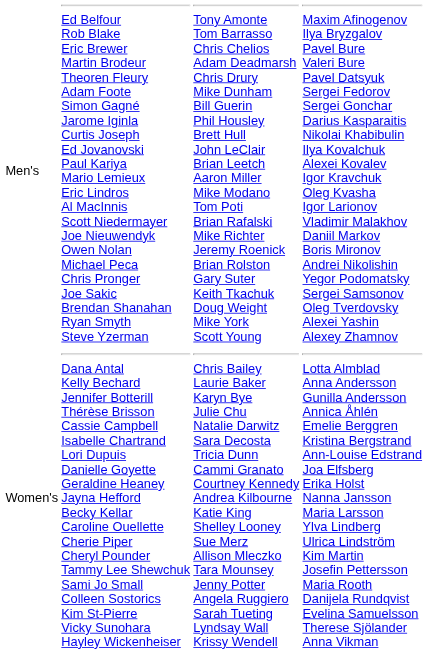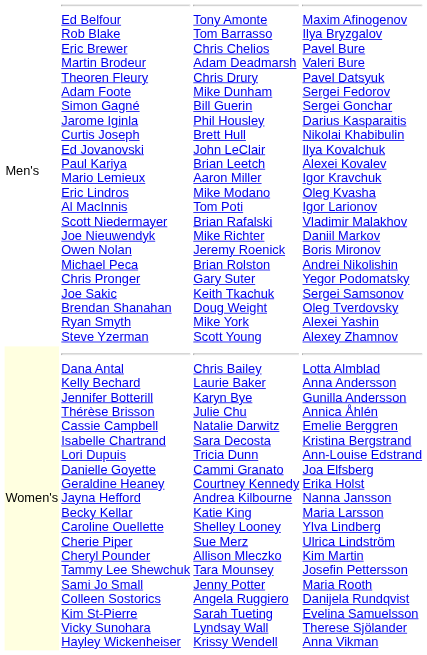 <table>
 <tr>
 <td>Men's<br></td>
 <td><hr><a href='#'>Ed Belfour</a><br><a href='#'>Rob Blake</a><br><a href='#'>Eric Brewer</a><br><a href='#'>Martin Brodeur</a><br><a href='#'>Theoren Fleury</a><br><a href='#'>Adam Foote</a><br><a href='#'>Simon Gagné</a><br><a href='#'>Jarome Iginla</a><br><a href='#'>Curtis Joseph</a><br><a href='#'>Ed Jovanovski</a><br><a href='#'>Paul Kariya</a><br><a href='#'>Mario Lemieux</a><br><a href='#'>Eric Lindros</a><br><a href='#'>Al MacInnis</a><br><a href='#'>Scott Niedermayer</a><br><a href='#'>Joe Nieuwendyk</a><br><a href='#'>Owen Nolan</a><br><a href='#'>Michael Peca</a><br><a href='#'>Chris Pronger</a><br><a href='#'>Joe Sakic</a><br><a href='#'>Brendan Shanahan</a><br><a href='#'>Ryan Smyth</a><br><a href='#'>Steve Yzerman</a></td>
 <td><hr><a href='#'>Tony Amonte</a><br><a href='#'>Tom Barrasso</a><br><a href='#'>Chris Chelios</a><br><a href='#'>Adam Deadmarsh</a><br><a href='#'>Chris Drury</a><br><a href='#'>Mike Dunham</a><br><a href='#'>Bill Guerin</a><br><a href='#'>Phil Housley</a><br><a href='#'>Brett Hull</a><br><a href='#'>John LeClair</a><br><a href='#'>Brian Leetch</a><br><a href='#'>Aaron Miller</a><br><a href='#'>Mike Modano</a><br><a href='#'>Tom Poti</a><br><a href='#'>Brian Rafalski</a><br><a href='#'>Mike Richter</a><br><a href='#'>Jeremy Roenick</a><br><a href='#'>Brian Rolston</a><br><a href='#'>Gary Suter</a><br><a href='#'>Keith Tkachuk</a><br><a href='#'>Doug Weight</a><br><a href='#'>Mike York</a><br><a href='#'>Scott Young</a></td>
 <td><hr><a href='#'>Maxim Afinogenov</a><br><a href='#'>Ilya Bryzgalov</a><br><a href='#'>Pavel Bure</a><br><a href='#'>Valeri Bure</a><br><a href='#'>Pavel Datsyuk</a><br><a href='#'>Sergei Fedorov</a><br><a href='#'>Sergei Gonchar</a><br><a href='#'>Darius Kasparaitis</a><br><a href='#'>Nikolai Khabibulin</a><br><a href='#'>Ilya Kovalchuk</a><br><a href='#'>Alexei Kovalev</a><br><a href='#'>Igor Kravchuk</a><br><a href='#'>Oleg Kvasha</a><br><a href='#'>Igor Larionov</a><br><a href='#'>Vladimir Malakhov</a><br><a href='#'>Daniil Markov</a><br><a href='#'>Boris Mironov</a><br><a href='#'>Andrei Nikolishin</a><br><a href='#'>Yegor Podomatsky</a><br><a href='#'>Sergei Samsonov</a><br><a href='#'>Oleg Tverdovsky</a><br><a href='#'>Alexei Yashin</a><br><a href='#'>Alexey Zhamnov</a></td>
 </tr>
 <tr>
-<td>Women's<br></td>
+<td style="background: lightyellow;">Women's<br></td>
 <td><hr><a href='#'>Dana Antal</a><br><a href='#'>Kelly Bechard</a><br><a href='#'>Jennifer Botterill</a><br><a href='#'>Thérèse Brisson</a><br><a href='#'>Cassie Campbell</a><br><a href='#'>Isabelle Chartrand</a><br><a href='#'>Lori Dupuis</a><br><a href='#'>Danielle Goyette</a><br><a href='#'>Geraldine Heaney</a><br><a href='#'>Jayna Hefford</a><br><a href='#'>Becky Kellar</a><br><a href='#'>Caroline Ouellette</a><br><a href='#'>Cherie Piper</a><br><a href='#'>Cheryl Pounder</a><br><a href='#'>Tammy Lee Shewchuk</a><br><a href='#'>Sami Jo Small</a><br><a href='#'>Colleen Sostorics</a><br><a href='#'>Kim St-Pierre</a><br><a href='#'>Vicky Sunohara</a><br><a href='#'>Hayley Wickenheiser</a></td>
 <td><hr><a href='#'>Chris Bailey</a><br><a href='#'>Laurie Baker</a><br><a href='#'>Karyn Bye</a><br><a href='#'>Julie Chu</a><br><a href='#'>Natalie Darwitz</a><br><a href='#'>Sara Decosta</a><br><a href='#'>Tricia Dunn</a><br><a href='#'>Cammi Granato</a><br><a href='#'>Courtney Kennedy</a><br><a href='#'>Andrea Kilbourne</a><br><a href='#'>Katie King</a><br><a href='#'>Shelley Looney</a><br><a href='#'>Sue Merz</a><br><a href='#'>Allison Mleczko</a><br><a href='#'>Tara Mounsey</a><br><a href='#'>Jenny Potter</a><br><a href='#'>Angela Ruggiero</a><br><a href='#'>Sarah Tueting</a><br><a href='#'>Lyndsay Wall</a><br><a href='#'>Krissy Wendell</a></td>
 <td><hr><a href='#'>Lotta Almblad</a><br><a href='#'>Anna Andersson</a><br><a href='#'>Gunilla Andersson</a><br><a href='#'>Annica Åhlén</a><br><a href='#'>Emelie Berggren</a><br><a href='#'>Kristina Bergstrand</a><br><a href='#'>Ann-Louise Edstrand</a><br><a href='#'>Joa Elfsberg</a><br><a href='#'>Erika Holst</a><br><a href='#'>Nanna Jansson</a><br><a href='#'>Maria Larsson</a><br><a href='#'>Ylva Lindberg</a><br><a href='#'>Ulrica Lindström</a><br><a href='#'>Kim Martin</a><br><a href='#'>Josefin Pettersson</a><br><a href='#'>Maria Rooth</a><br><a href='#'>Danijela Rundqvist</a><br><a href='#'>Evelina Samuelsson</a><br><a href='#'>Therese Sjölander</a><br><a href='#'>Anna Vikman</a></td>
 </tr>
 </table>
